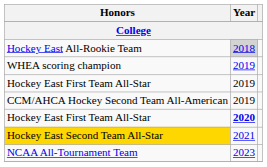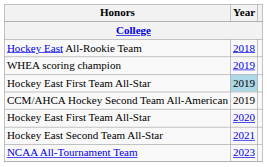 <table class="wikitable">
 <tr>
 <th>Honors</th>
 <th>Year</th>
 <th></th>
 </tr>
 <tr>
 </tr>
 <tr>
 <th colspan="3"><a href='#'>College</a></th>
 </tr>
 <tr>
 <td><a href='#'>Hockey East</a> All-Rookie Team</td>
-<td style="background: lightgrey;"><a href='#'>2018</a></td>
+<td><a href='#'>2018</a></td>
 <td></td>
 </tr>
 <tr>
 <td>WHEA scoring champion</td>
 <td><a href='#'>2019</a></td>
 <td></td>
 </tr>
 <tr>
 <td>Hockey East First Team All-Star</td>
-<td>2019</td>
+<td style="background: lightblue;">2019</td>
 <td></td>
 </tr>
 <tr>
 <td>CCM/AHCA Hockey Second Team All-American</td>
 <td>2019</td>
 <td></td>
 </tr>
 <tr>
 <td>Hockey East First Team All-Star</td>
-<td><strong><a href='#'>2020</a></strong></td>
+<td><a href='#'>2020</a></td>
 <td></td>
 </tr>
 <tr>
-<td style="background: gold;">Hockey East Second Team All-Star</td>
+<td>Hockey East Second Team All-Star</td>
 <td><a href='#'>2021</a></td>
 <td></td>
 </tr>
 <tr>
 <td><a href='#'>NCAA All-Tournament Team</a></td>
 <td><a href='#'>2023</a></td>
 <td></td>
 </tr>
 <tr>
 </tr>
 </table>
